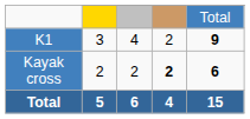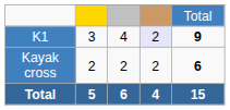 <table class="wikitable"  style="font-size:95%; text-align:center; border:gray solid 1px; width:40%;">
 <tr>
 <td rowspan="2" style="width:3%;"></td>
 </tr>
 <tr>
 <td style="width:2%;" bgcolor=gold></td>
 <td style="width:2%;" bgcolor=silver></td>
 <td style="width:2%;" bgcolor=cc9966></td>
 <td style="width:2%; background-color:#4180be; color:white;">Total</td>
 </tr>
 <tr>
 <td style="background-color:#4180be; color:white;">K1</td>
 <td>3</td>
 <td>4</td>
-<td>2</td>
+<td style="background: lavender;">2</td>
 <td><strong>9</strong></td>
 </tr>
 <tr>
 <td style="background-color:#4180be; color:white;">Kayak cross</td>
 <td>2</td>
 <td>2</td>
-<td><strong>2</strong></td>
+<td>2</td>
 <td><strong>6</strong></td>
 </tr>
 <tr style="background:#369; color:white;">
 <td><strong>Total</strong></td>
 <td><strong>5</strong></td>
 <td><strong>6</strong></td>
 <td><strong>4</strong></td>
 <td><strong>15</strong></td>
 </tr>
 </table>
